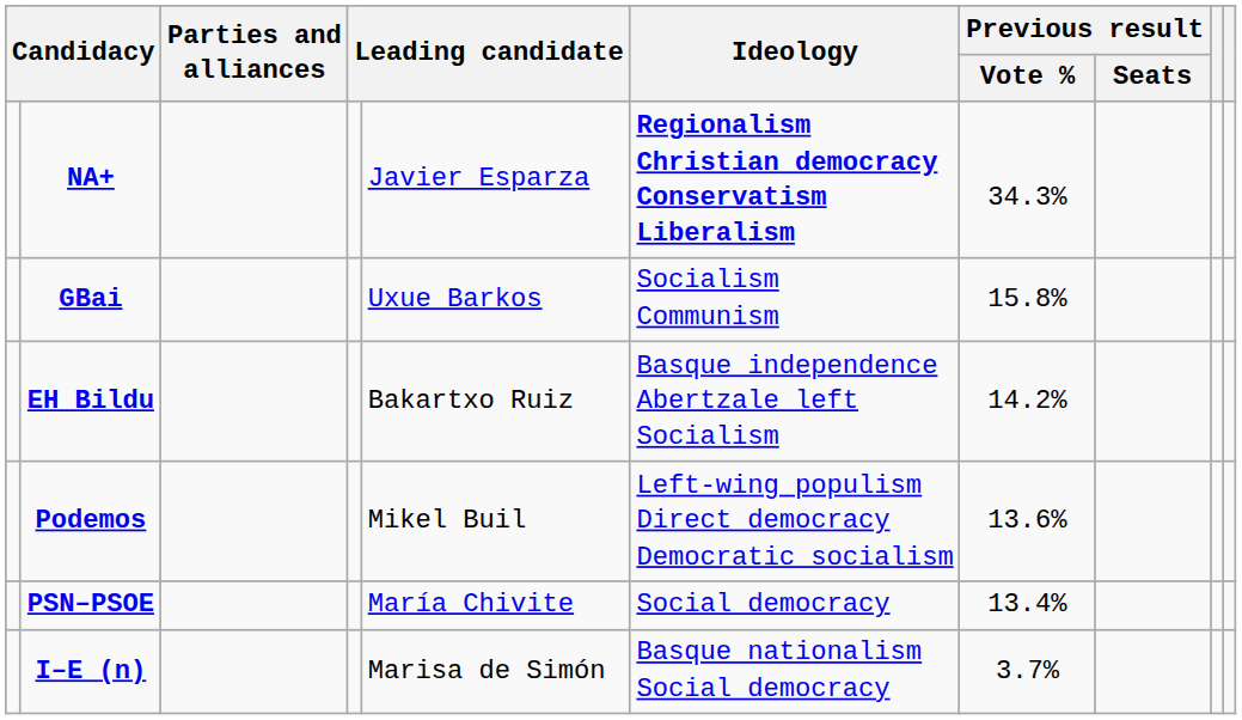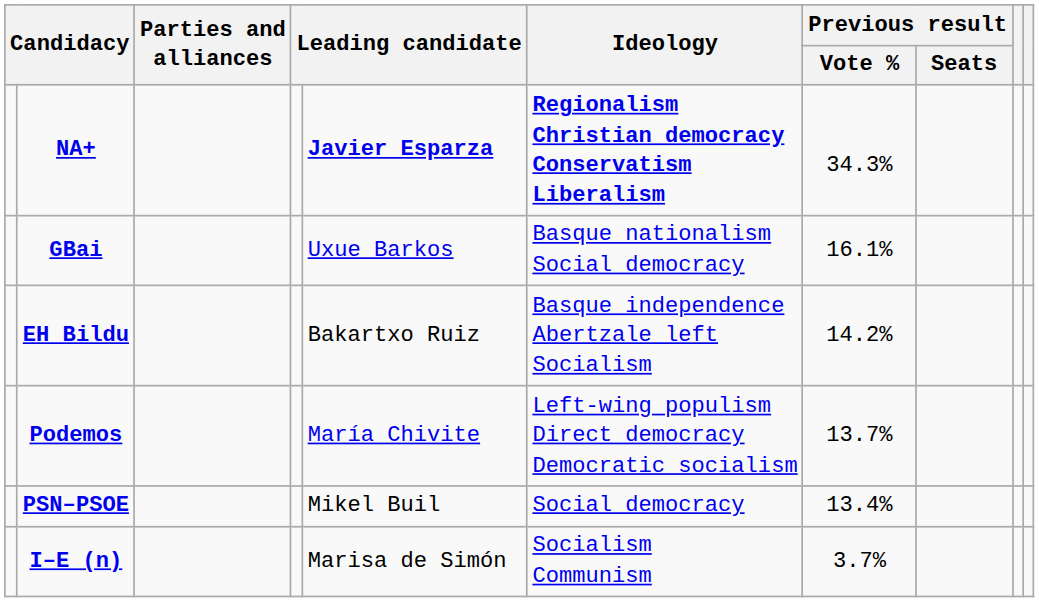 <table class="wikitable" style="line-height:1.35em; text-align:left;">
 <tr>
 <th colspan="2" rowspan="2">Candidacy</th>
 <th rowspan="2">Parties and<br>alliances</th>
 <th colspan="2" rowspan="2">Leading candidate</th>
 <th rowspan="2">Ideology</th>
 <th colspan="2">Previous result</th>
 <th rowspan="2"></th>
 <th rowspan="2"></th>
 </tr>
 <tr>
 <th>Vote %</th>
 <th>Seats</th>
 </tr>
 <tr>
 <td width="1" style="color:inherit;background:"></td>
 <td align="center"><strong><a href='#'>NA+</a></strong></td>
 <td></td>
 <td></td>
-<td><a href='#'>Javier Esparza</a></td>
+<td><strong><a href='#'>Javier Esparza</a></strong></td>
 <td><strong><a href='#'>Regionalism</a><br><a href='#'>Christian democracy</a><br><a href='#'>Conservatism</a><br><a href='#'>Liberalism</a></strong></td>
 <td align="center"><br>34.3%<br></td>
 <td></td>
 <td></td>
 <td><br><br></td>
 </tr>
 <tr>
 <td style="color:inherit;background:"></td>
 <td align="center"><strong><a href='#'>GBai</a></strong></td>
 <td></td>
 <td></td>
 <td><a href='#'>Uxue Barkos</a></td>
-<td><a href='#'>Socialism</a><br><a href='#'>Communism</a></td>
-<td align="center">15.8%</td>
+<td><a href='#'>Basque nationalism</a><br><a href='#'>Social democracy</a></td>
+<td align="center">16.1%</td>
 <td></td>
 <td></td>
 <td></td>
 </tr>
 <tr>
 <td style="color:inherit;background:"></td>
 <td align="center"><strong><a href='#'>EH Bildu</a></strong></td>
 <td></td>
 <td></td>
 <td>Bakartxo Ruiz</td>
 <td><a href='#'>Basque independence</a><br><a href='#'>Abertzale left</a><br><a href='#'>Socialism</a></td>
 <td align="center">14.2%</td>
 <td></td>
 <td></td>
 <td></td>
 </tr>
 <tr>
 <td style="color:inherit;background:"></td>
 <td align="center"><strong><a href='#'>Podemos</a></strong></td>
 <td></td>
 <td></td>
-<td>Mikel Buil</td>
+<td><a href='#'>María Chivite</a></td>
 <td><a href='#'>Left-wing populism</a><br><a href='#'>Direct democracy</a><br><a href='#'>Democratic socialism</a></td>
-<td align="center">13.6%</td>
+<td align="center">13.7%</td>
 <td></td>
 <td></td>
 <td></td>
 </tr>
 <tr>
 <td style="color:inherit;background:"></td>
 <td align="center"><strong><a href='#'>PSN–PSOE</a></strong></td>
 <td></td>
 <td></td>
-<td><a href='#'>María Chivite</a></td>
+<td>Mikel Buil</td>
 <td><a href='#'>Social democracy</a></td>
 <td align="center">13.4%</td>
 <td></td>
 <td></td>
 <td></td>
 </tr>
 <tr>
 <td style="color:inherit;background:"></td>
 <td align="center"><strong><a href='#'>I–E (n)</a></strong></td>
 <td></td>
 <td></td>
 <td>Marisa de Simón</td>
-<td><a href='#'>Basque nationalism</a><br><a href='#'>Social democracy</a></td>
+<td><a href='#'>Socialism</a><br><a href='#'>Communism</a></td>
 <td align="center">3.7%</td>
 <td></td>
 <td></td>
 <td></td>
 </tr>
 </table>
